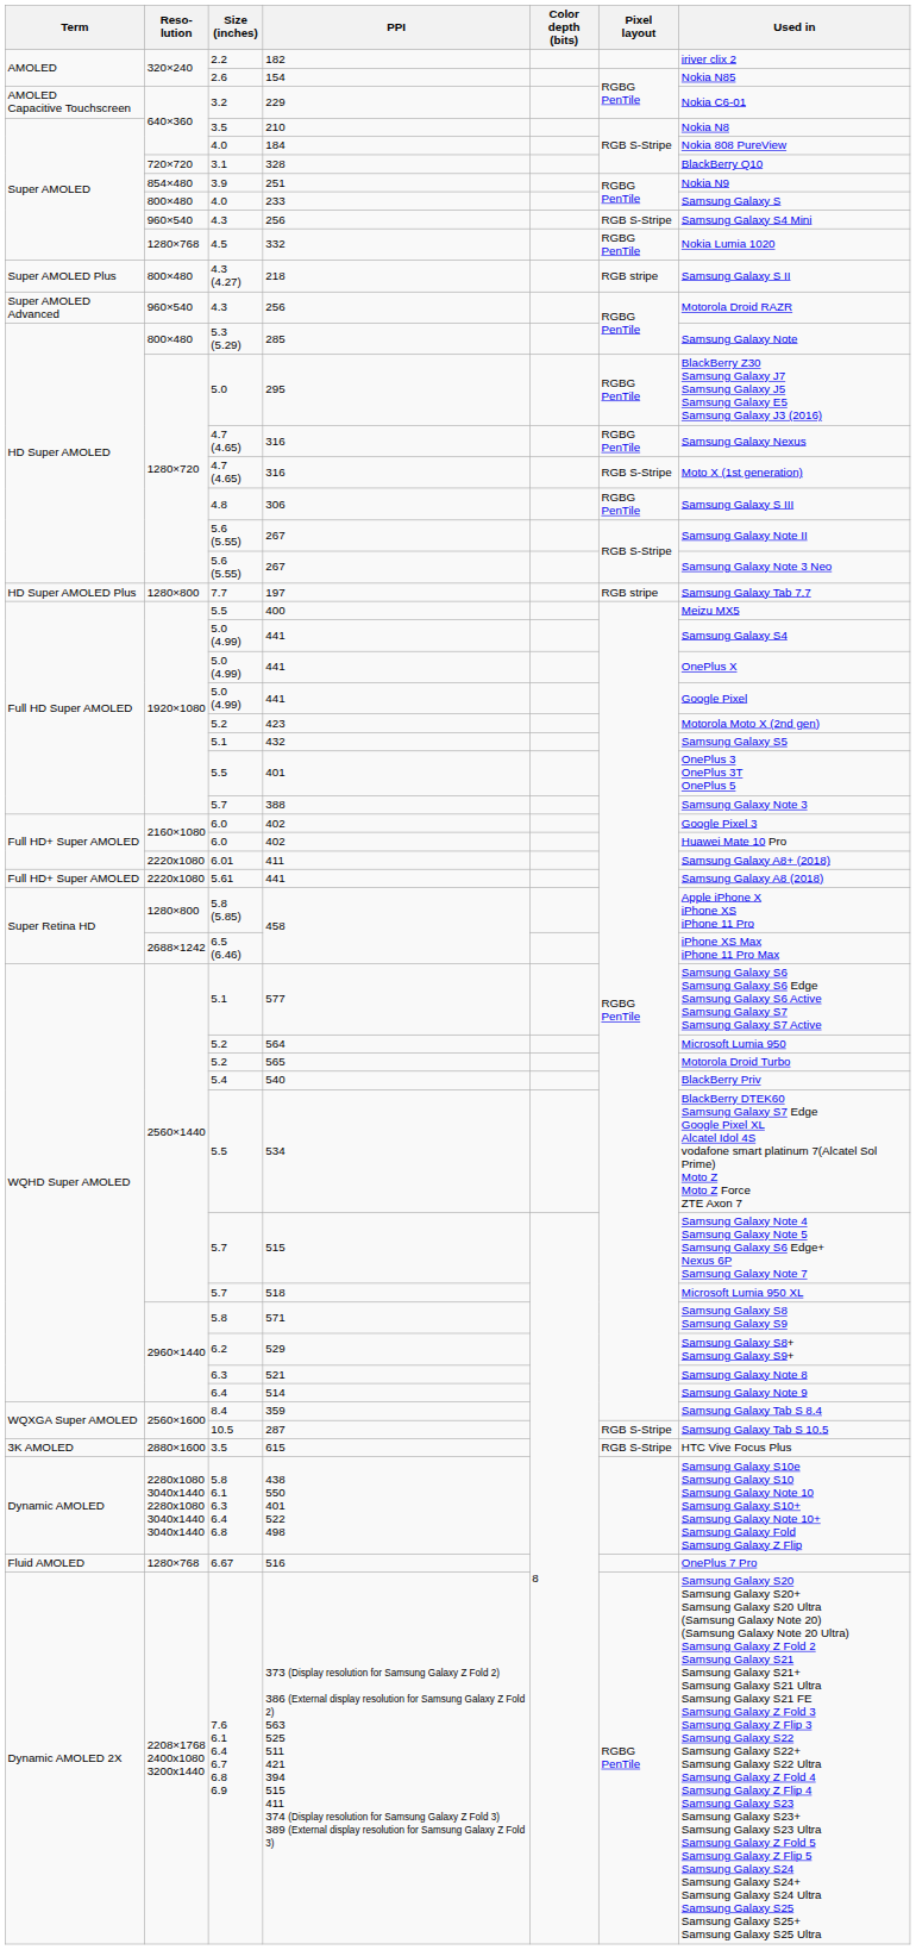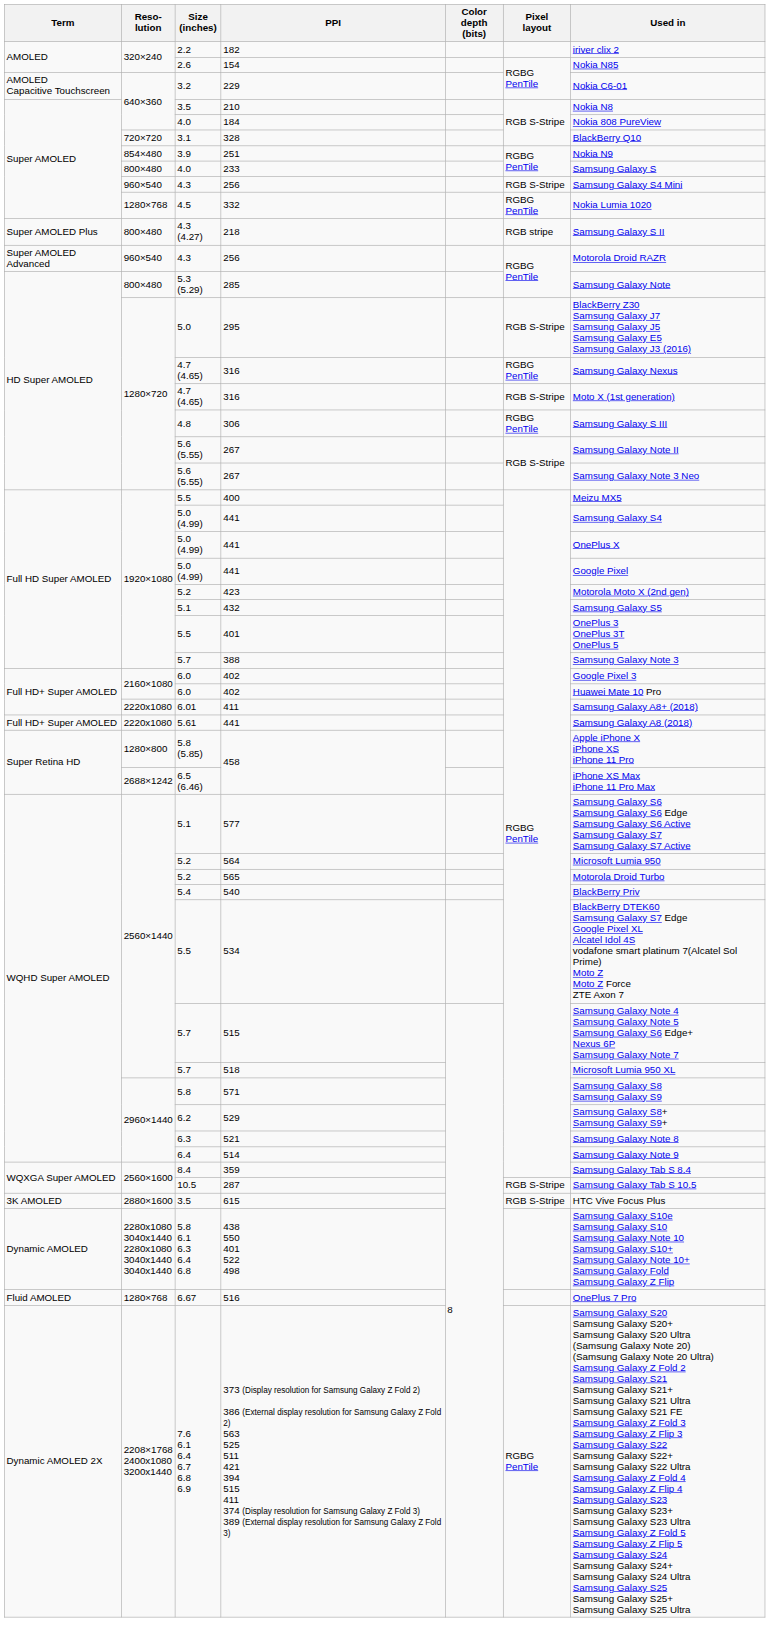 <table class="wikitable sortable">
 <tr>
 <th>Term</th>
 <th>Reso-<br>lution</th>
 <th data-sort-type="number">Size<br>(inches)</th>
 <th>PPI</th>
 <th>Color depth<br>(bits)</th>
 <th>Pixel<br>layout</th>
 <th>Used in</th>
 </tr>
 <tr>
 <td rowspan="2">AMOLED</td>
 <td rowspan="2">320×240</td>
 <td>2.2</td>
 <td>182</td>
 <td></td>
 <td></td>
 <td><a href='#'>iriver clix 2</a></td>
 </tr>
 <tr>
 <td>2.6</td>
 <td>154</td>
 <td></td>
 <td rowspan="2">RGBG <a href='#'>PenTile</a></td>
 <td><a href='#'>Nokia N85</a></td>
 </tr>
 <tr>
 <td>AMOLED<br>Capacitive Touchscreen</td>
 <td rowspan="3">640×360</td>
 <td>3.2</td>
 <td>229</td>
 <td></td>
 <td><a href='#'>Nokia C6-01</a></td>
 </tr>
 <tr>
 <td rowspan="7">Super AMOLED</td>
 <td>3.5</td>
 <td>210</td>
 <td></td>
 <td rowspan="3">RGB S-Stripe</td>
 <td><a href='#'>Nokia N8</a></td>
 </tr>
 <tr>
 <td>4.0</td>
 <td>184</td>
 <td></td>
 <td><a href='#'>Nokia 808 PureView</a></td>
 </tr>
 <tr>
 <td>720×720</td>
 <td>3.1</td>
 <td>328</td>
 <td></td>
 <td><a href='#'>BlackBerry Q10</a></td>
 </tr>
 <tr>
 <td>854×480</td>
 <td>3.9</td>
 <td>251</td>
 <td></td>
 <td rowspan="2">RGBG <a href='#'>PenTile</a></td>
 <td><a href='#'>Nokia N9</a></td>
 </tr>
 <tr>
 <td>800×480</td>
 <td>4.0</td>
 <td>233</td>
 <td></td>
 <td><a href='#'>Samsung Galaxy S</a></td>
 </tr>
 <tr>
 <td>960×540</td>
 <td>4.3</td>
 <td>256</td>
 <td></td>
 <td>RGB S-Stripe</td>
 <td><a href='#'>Samsung Galaxy S4 Mini</a></td>
 </tr>
 <tr>
 <td>1280×768</td>
 <td>4.5</td>
 <td>332</td>
 <td></td>
 <td>RGBG <a href='#'>PenTile</a></td>
 <td><a href='#'>Nokia Lumia 1020</a></td>
 </tr>
 <tr>
 <td>Super AMOLED Plus</td>
 <td>800×480</td>
 <td>4.3 (4.27)</td>
 <td>218</td>
 <td></td>
 <td>RGB stripe</td>
 <td><a href='#'>Samsung Galaxy S II</a></td>
 </tr>
 <tr>
 <td>Super AMOLED Advanced</td>
 <td>960×540</td>
 <td>4.3</td>
 <td>256</td>
 <td></td>
 <td rowspan="2">RGBG <a href='#'>PenTile</a></td>
 <td><a href='#'>Motorola Droid RAZR</a></td>
 </tr>
 <tr>
 <td rowspan="7">HD Super AMOLED</td>
 <td>800×480</td>
 <td>5.3 (5.29)</td>
 <td>285</td>
 <td></td>
 <td><a href='#'>Samsung Galaxy Note</a></td>
 </tr>
 <tr>
 <td rowspan="6">1280×720</td>
 <td>5.0</td>
 <td>295</td>
 <td></td>
-<td>RGBG <a href='#'>PenTile</a></td>
+<td>RGB S-Stripe</td>
 <td><a href='#'>BlackBerry Z30</a><br><a href='#'>Samsung Galaxy J7</a><br><a href='#'>Samsung Galaxy J5</a><br><a href='#'>Samsung Galaxy E5</a><br><a href='#'>Samsung Galaxy J3 (2016)</a></td>
 </tr>
 <tr>
 <td>4.7 (4.65)</td>
 <td>316</td>
 <td></td>
 <td>RGBG <a href='#'>PenTile</a></td>
 <td><a href='#'>Samsung Galaxy Nexus</a></td>
 </tr>
 <tr>
 <td>4.7 (4.65)</td>
 <td>316</td>
 <td></td>
 <td>RGB S-Stripe</td>
 <td><a href='#'>Moto X (1st generation)</a></td>
 </tr>
 <tr>
 <td>4.8</td>
 <td>306</td>
 <td></td>
 <td>RGBG <a href='#'>PenTile</a></td>
 <td><a href='#'>Samsung Galaxy S III</a></td>
 </tr>
 <tr>
 <td>5.6 (5.55)</td>
 <td>267</td>
 <td></td>
 <td rowspan="2">RGB S-Stripe</td>
 <td><a href='#'>Samsung Galaxy Note II</a></td>
 </tr>
 <tr>
 <td>5.6 (5.55)</td>
 <td>267</td>
 <td></td>
 <td><a href='#'>Samsung Galaxy Note 3 Neo</a></td>
-</tr>
-<tr>
-<td>HD Super AMOLED Plus</td>
-<td>1280×800</td>
-<td>7.7</td>
-<td>197</td>
-<td></td>
-<td>RGB stripe</td>
-<td><a href='#'>Samsung Galaxy Tab 7.7</a></td>
 </tr>
 <tr>
 <td rowspan="8">Full HD Super AMOLED</td>
 <td rowspan="8">1920×1080</td>
 <td>5.5</td>
 <td>400</td>
 <td></td>
 <td rowspan="26">RGBG <a href='#'>PenTile</a></td>
 <td><a href='#'>Meizu MX5</a></td>
 </tr>
 <tr>
 <td>5.0 (4.99)</td>
 <td>441</td>
 <td></td>
 <td><a href='#'>Samsung Galaxy S4</a></td>
 </tr>
 <tr>
 <td>5.0 (4.99)</td>
 <td>441</td>
 <td></td>
 <td><a href='#'>OnePlus X</a></td>
 </tr>
 <tr>
 <td>5.0 (4.99)</td>
 <td>441</td>
 <td></td>
 <td><a href='#'>Google Pixel</a></td>
 </tr>
 <tr>
 <td>5.2</td>
 <td>423</td>
 <td></td>
 <td><a href='#'>Motorola Moto X (2nd gen)</a></td>
 </tr>
 <tr>
 <td>5.1</td>
 <td>432</td>
 <td></td>
 <td><a href='#'>Samsung Galaxy S5</a></td>
 </tr>
 <tr>
 <td>5.5</td>
 <td>401</td>
 <td></td>
 <td><a href='#'>OnePlus 3</a><br><a href='#'>OnePlus 3T</a><br><a href='#'>OnePlus 5</a></td>
 </tr>
 <tr>
 <td>5.7</td>
 <td>388</td>
 <td></td>
 <td><a href='#'>Samsung Galaxy Note 3</a></td>
 </tr>
 <tr>
 <td rowspan="3">Full HD+ Super AMOLED</td>
 <td rowspan="2">2160×1080</td>
 <td>6.0</td>
 <td>402</td>
 <td></td>
 <td><a href='#'>Google Pixel 3</a></td>
 </tr>
 <tr>
 <td>6.0</td>
 <td>402</td>
 <td></td>
 <td><a href='#'>Huawei Mate 10</a> Pro</td>
 </tr>
 <tr>
 <td>2220x1080</td>
 <td>6.01</td>
 <td>411</td>
 <td></td>
 <td><a href='#'>Samsung Galaxy A8+ (2018)</a></td>
 </tr>
 <tr>
 <td>Full HD+ Super AMOLED</td>
 <td>2220x1080</td>
 <td>5.61</td>
 <td>441</td>
 <td></td>
 <td><a href='#'>Samsung Galaxy A8 (2018)</a></td>
 </tr>
 <tr>
 <td rowspan="2">Super Retina HD</td>
 <td>1280×800</td>
 <td>5.8 (5.85)</td>
 <td rowspan="2">458</td>
 <td></td>
 <td><a href='#'>Apple iPhone X</a><br><a href='#'>iPhone XS</a><br><a href='#'>iPhone 11 Pro</a></td>
 </tr>
 <tr>
 <td>2688×1242</td>
 <td>6.5 (6.46)</td>
 <td></td>
 <td><a href='#'>iPhone XS Max</a><br><a href='#'>iPhone 11 Pro Max</a></td>
 </tr>
 <tr>
 <td rowspan="11">WQHD Super AMOLED</td>
 <td rowspan="7">2560×1440</td>
 <td>5.1</td>
 <td>577</td>
 <td></td>
 <td><a href='#'>Samsung Galaxy S6</a><br><a href='#'>Samsung Galaxy S6</a> Edge<br><a href='#'>Samsung Galaxy S6 Active</a><br><a href='#'>Samsung Galaxy S7</a><br><a href='#'>Samsung Galaxy S7 Active</a></td>
 </tr>
 <tr>
 <td>5.2</td>
 <td>564</td>
 <td></td>
 <td><a href='#'>Microsoft Lumia 950</a></td>
 </tr>
 <tr>
 <td>5.2</td>
 <td>565</td>
 <td></td>
 <td><a href='#'>Motorola Droid Turbo</a></td>
 </tr>
 <tr>
 <td>5.4</td>
 <td>540</td>
 <td></td>
 <td><a href='#'>BlackBerry Priv</a></td>
 </tr>
 <tr>
 <td>5.5</td>
 <td>534</td>
 <td></td>
 <td><a href='#'>BlackBerry DTEK60</a><br><a href='#'>Samsung Galaxy S7</a> Edge<br><a href='#'>Google Pixel XL</a><br><a href='#'>Alcatel Idol 4S</a><br>vodafone smart platinum 7(Alcatel Sol Prime)<br><a href='#'>Moto Z</a><br><a href='#'>Moto Z</a> Force<br>ZTE Axon 7</td>
 </tr>
 <tr>
 <td>5.7</td>
 <td>515</td>
 <td rowspan="12">8</td>
 <td><a href='#'>Samsung Galaxy Note 4</a><br><a href='#'>Samsung Galaxy Note 5</a><br><a href='#'>Samsung Galaxy S6</a> Edge+<br><a href='#'>Nexus 6P</a><br><a href='#'>Samsung Galaxy Note 7</a></td>
 </tr>
 <tr>
 <td>5.7</td>
 <td>518</td>
 <td><a href='#'>Microsoft Lumia 950 XL</a></td>
 </tr>
 <tr>
 <td rowspan="4">2960×1440</td>
 <td>5.8</td>
 <td>571</td>
 <td><a href='#'>Samsung Galaxy S8</a><br><a href='#'>Samsung Galaxy S9</a></td>
 </tr>
 <tr>
 <td>6.2</td>
 <td>529</td>
 <td><a href='#'>Samsung Galaxy S8</a>+<br><a href='#'>Samsung Galaxy S9</a>+</td>
 </tr>
 <tr>
 <td>6.3</td>
 <td>521</td>
 <td><a href='#'>Samsung Galaxy Note 8</a></td>
 </tr>
 <tr>
 <td>6.4</td>
 <td>514</td>
 <td><a href='#'>Samsung Galaxy Note 9</a></td>
 </tr>
 <tr>
 <td rowspan="2">WQXGA Super AMOLED</td>
 <td rowspan="2">2560×1600</td>
 <td>8.4</td>
 <td>359</td>
 <td><a href='#'>Samsung Galaxy Tab S 8.4</a></td>
 </tr>
 <tr>
 <td>10.5</td>
 <td>287</td>
 <td>RGB S-Stripe</td>
 <td><a href='#'>Samsung Galaxy Tab S 10.5</a></td>
 </tr>
 <tr>
 <td>3K AMOLED</td>
 <td>2880×1600</td>
 <td>3.5</td>
 <td>615</td>
 <td>RGB S-Stripe</td>
 <td>HTC Vive Focus Plus</td>
 </tr>
 <tr>
 <td>Dynamic AMOLED</td>
 <td>2280x1080<br>3040x1440<br>2280x1080<br>3040x1440<br>3040x1440</td>
 <td>5.8<br>6.1<br>6.3<br>6.4<br>6.8</td>
 <td>438<br>550<br>401<br>522<br>498</td>
 <td></td>
 <td><a href='#'>Samsung Galaxy S10e</a><br><a href='#'>Samsung Galaxy S10</a><br><a href='#'>Samsung Galaxy Note 10</a><br><a href='#'>Samsung Galaxy S10+</a><br><a href='#'>Samsung Galaxy Note 10+</a><br><a href='#'>Samsung Galaxy Fold</a><br><a href='#'>Samsung Galaxy Z Flip</a></td>
 </tr>
 <tr>
 <td>Fluid AMOLED</td>
 <td>1280×768</td>
 <td>6.67</td>
 <td>516</td>
 <td></td>
 <td><a href='#'>OnePlus 7 Pro</a></td>
 </tr>
 <tr>
 <td>Dynamic AMOLED 2X</td>
 <td>2208×1768<br>2400x1080<br>3200x1440</td>
 <td>7.6<br>6.1<br>6.4<br>6.7<br>6.8<br>6.9</td>
 <td>373 <small>(Display resolution for Samsung Galaxy Z Fold 2)</small><br><br>386 <small>(External display resolution for Samsung Galaxy Z Fold 2)</small><br>563<br>525<br>511<br>421<br>394<br>515<br>411<br>374 <small>(Display resolution for Samsung Galaxy Z Fold 3)</small><br> 389 <small>(External display resolution for Samsung Galaxy Z Fold 3)</small></td>
 <td>RGBG <a href='#'>PenTile</a></td>
 <td><a href='#'>Samsung Galaxy S20</a><br>Samsung Galaxy S20+<br>Samsung Galaxy S20 Ultra<br>(Samsung Galaxy Note 20)<br>(Samsung Galaxy Note 20 Ultra)<br><a href='#'>Samsung Galaxy Z Fold 2</a><br><a href='#'>Samsung Galaxy S21</a><br>Samsung Galaxy S21+<br>Samsung Galaxy S21 Ultra<br>Samsung Galaxy S21 FE<br><a href='#'>Samsung Galaxy Z Fold 3</a><br><a href='#'>Samsung Galaxy Z Flip 3</a><br><a href='#'>Samsung Galaxy S22</a><br>Samsung Galaxy S22+<br>Samsung Galaxy S22 Ultra<br><a href='#'>Samsung Galaxy Z Fold 4</a><br><a href='#'>Samsung Galaxy Z Flip 4</a><br><a href='#'>Samsung Galaxy S23</a><br>Samsung Galaxy S23+<br>Samsung Galaxy S23 Ultra<br><a href='#'>Samsung Galaxy Z Fold 5</a><br><a href='#'>Samsung Galaxy Z Flip 5</a><br><a href='#'>Samsung Galaxy S24</a><br>Samsung Galaxy S24+<br>Samsung Galaxy S24 Ultra<br><a href='#'>Samsung Galaxy S25</a><br>Samsung Galaxy S25+<br>Samsung Galaxy S25 Ultra</td>
 </tr>
 </table>
